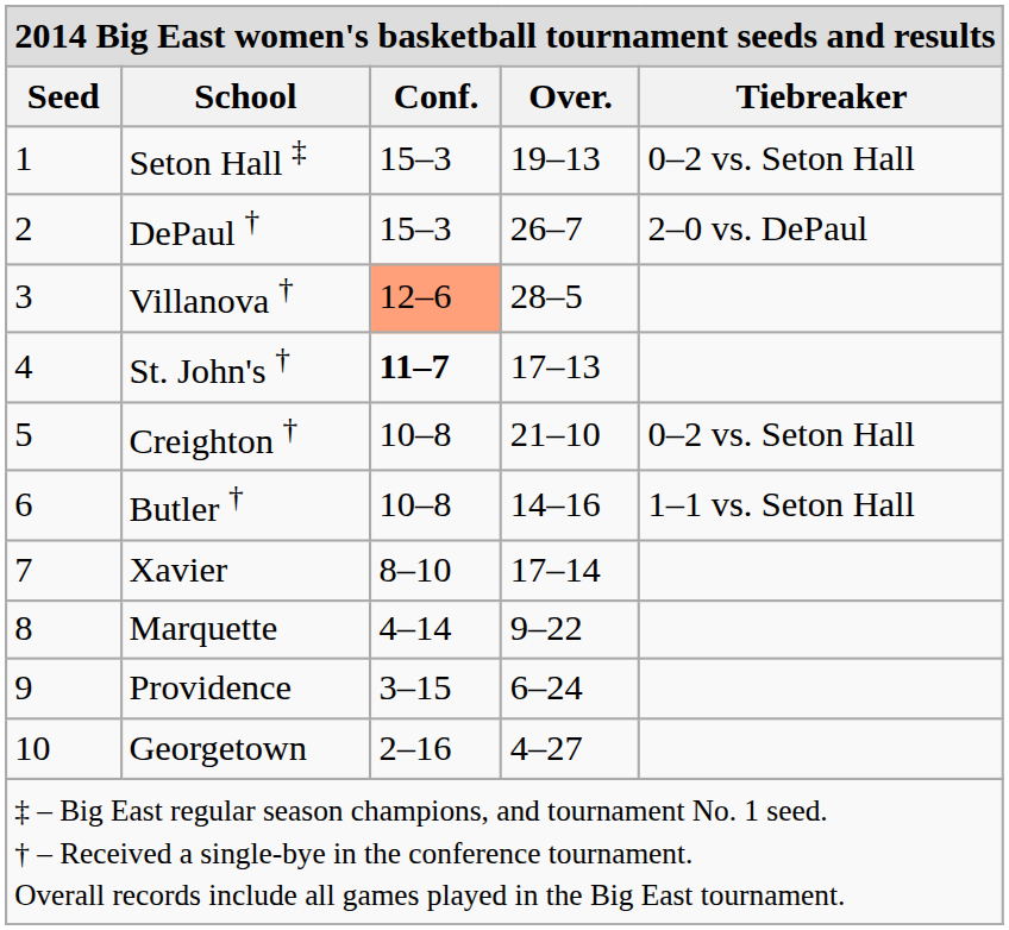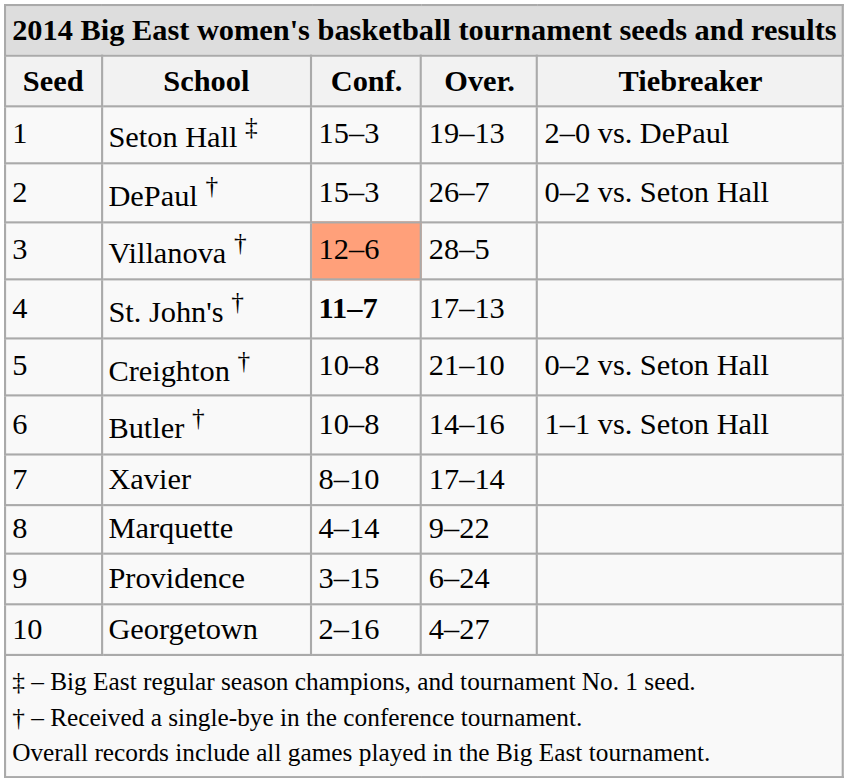 <table class="wikitable" style="white-space:nowrap; font-size:90%;">
 <tr>
 <td colspan="10" style="text-align:center; background:#DDDDDD; font:#000000"><strong>2014 Big East women's basketball tournament seeds and results</strong></td>
 </tr>
 <tr bgcolor="#efefef">
 <th>Seed</th>
 <th>School</th>
 <th>Conf.</th>
 <th>Over.</th>
 <th>Tiebreaker</th>
 </tr>
 <tr>
 <td>1</td>
 <td>Seton Hall <sup>‡</sup></td>
 <td>15–3</td>
 <td>19–13</td>
-<td>0–2 vs. Seton Hall</td>
+<td>2–0 vs. DePaul</td>
 </tr>
 <tr>
 <td>2</td>
 <td>DePaul <sup>†</sup></td>
 <td>15–3</td>
 <td>26–7</td>
-<td>2–0 vs. DePaul</td>
+<td>0–2 vs. Seton Hall</td>
 </tr>
 <tr>
 <td>3</td>
 <td>Villanova <sup>†</sup></td>
 <td style="background: lightsalmon;">12–6</td>
 <td>28–5</td>
 <td></td>
 </tr>
 <tr>
 <td>4</td>
 <td>St. John's <sup>†</sup></td>
 <td><strong>11–7</strong></td>
 <td>17–13</td>
 <td></td>
 </tr>
 <tr>
 <td>5</td>
 <td>Creighton <sup>†</sup></td>
 <td>10–8</td>
 <td>21–10</td>
 <td>0–2 vs. Seton Hall</td>
 </tr>
 <tr>
 <td>6</td>
 <td>Butler <sup>†</sup></td>
 <td>10–8</td>
 <td>14–16</td>
 <td>1–1 vs. Seton Hall</td>
 </tr>
 <tr>
 <td>7</td>
 <td>Xavier</td>
 <td>8–10</td>
 <td>17–14</td>
 <td></td>
 </tr>
 <tr>
 <td>8</td>
 <td>Marquette</td>
 <td>4–14</td>
 <td>9–22</td>
 <td></td>
 </tr>
 <tr>
 <td>9</td>
 <td>Providence</td>
 <td>3–15</td>
 <td>6–24</td>
 <td></td>
 </tr>
 <tr>
 <td>10</td>
 <td>Georgetown</td>
 <td>2–16</td>
 <td>4–27</td>
 <td></td>
 </tr>
 <tr>
 <td colspan="10" style="text-align:left;"><small>‡ – Big East regular season champions, and tournament No. 1 seed.<br>† – Received a single-bye in the conference tournament.<br>Overall records include all games played in the Big East tournament.</small></td>
 </tr>
 <tr>
 </tr>
 </table>
